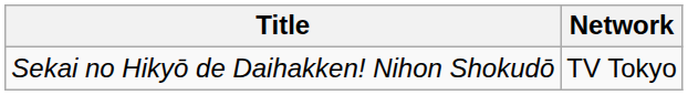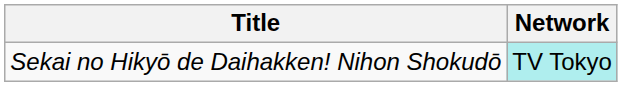 <table class="wikitable">
 <tr>
 <th>Title</th>
 <th>Network</th>
 </tr>
 <tr>
 <td><em>Sekai no Hikyō de Daihakken! Nihon Shokudō</em></td>
-<td>TV Tokyo</td>
+<td style="background: paleturquoise;">TV Tokyo</td>
 </tr>
 </table>
